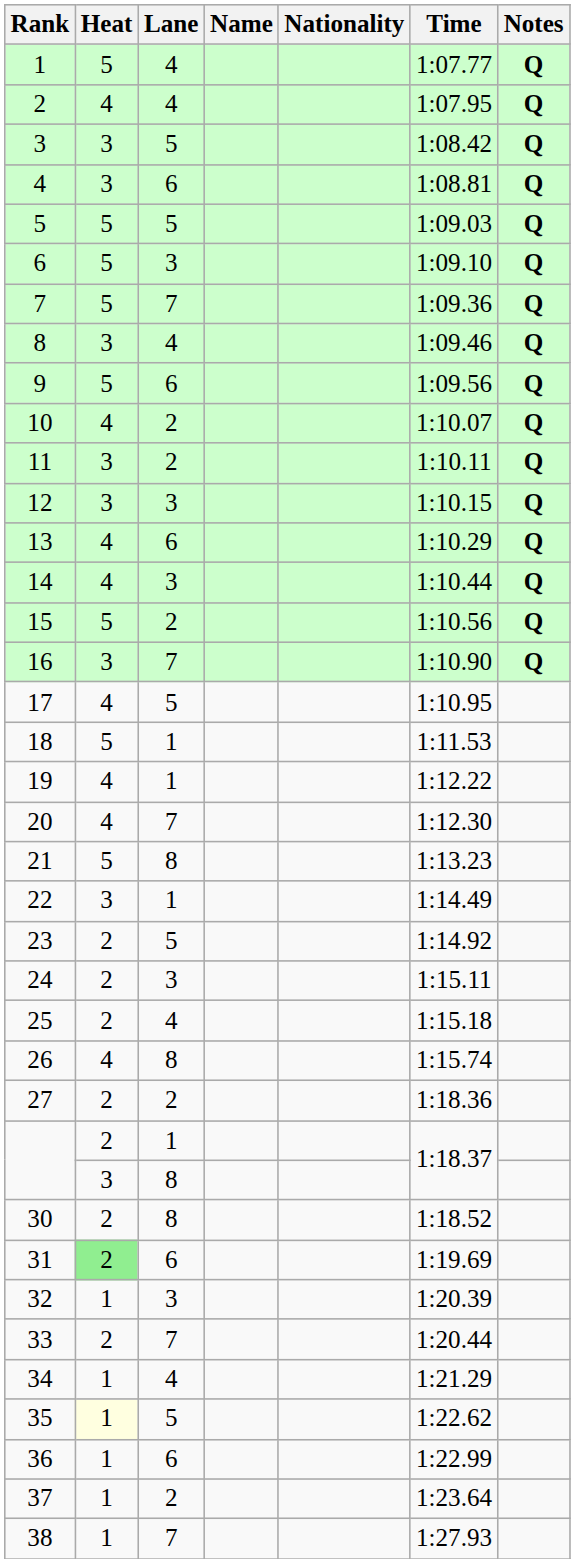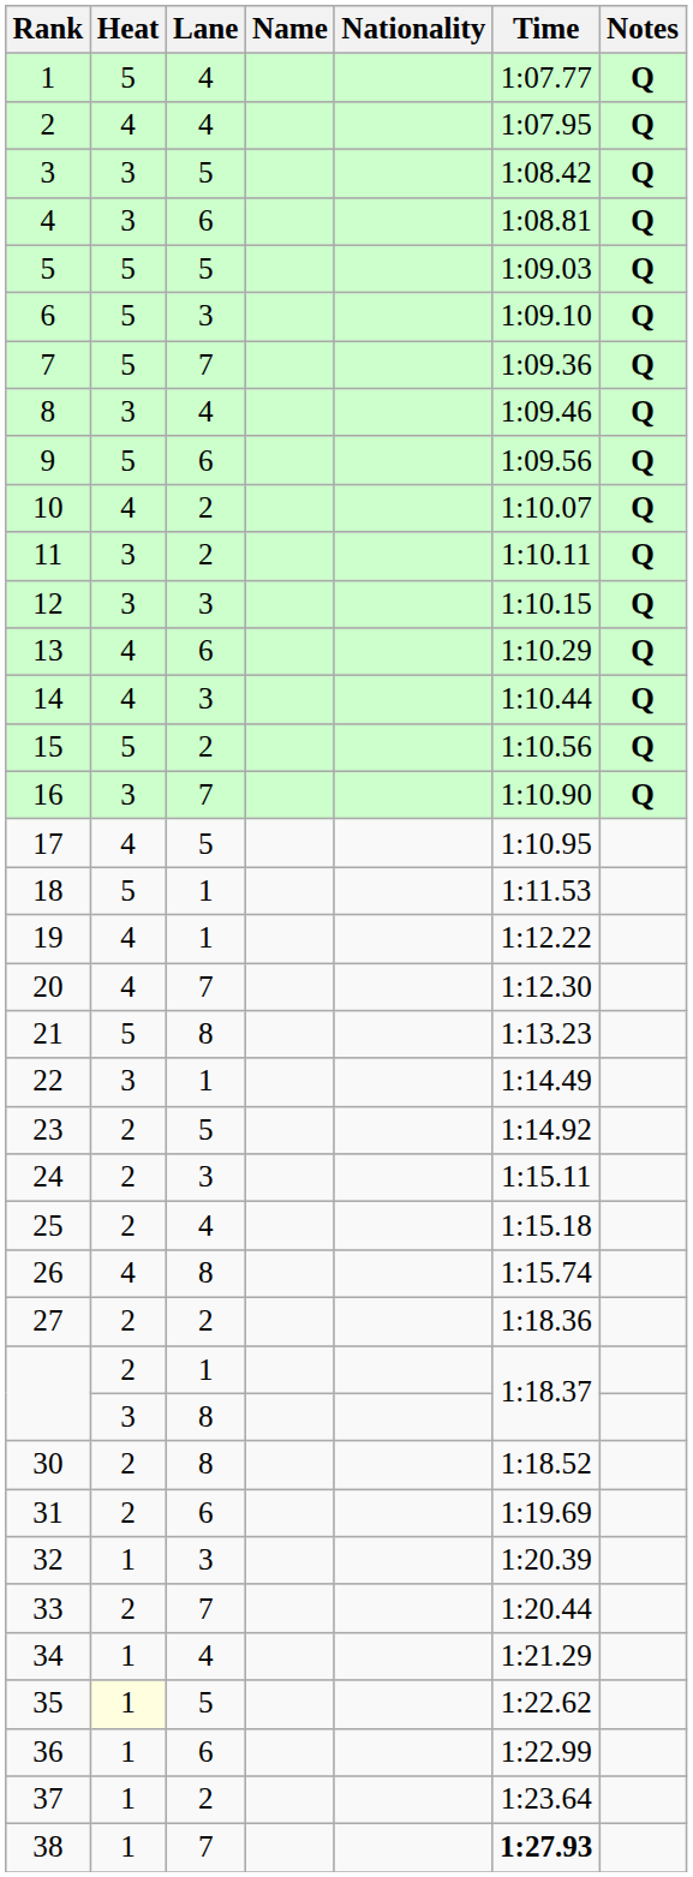 <table class="wikitable sortable" style="text-align:center">
 <tr>
 <th>Rank</th>
 <th>Heat</th>
 <th>Lane</th>
 <th>Name</th>
 <th>Nationality</th>
 <th>Time</th>
 <th>Notes</th>
 </tr>
 <tr bgcolor=ccffcc>
 <td>1</td>
 <td>5</td>
 <td>4</td>
 <td align=left></td>
 <td align=left></td>
 <td>1:07.77</td>
 <td><strong>Q</strong></td>
 </tr>
 <tr bgcolor=ccffcc>
 <td>2</td>
 <td>4</td>
 <td>4</td>
 <td align=left></td>
 <td align=left></td>
 <td>1:07.95</td>
 <td><strong>Q</strong></td>
 </tr>
 <tr bgcolor=ccffcc>
 <td>3</td>
 <td>3</td>
 <td>5</td>
 <td align=left></td>
 <td align=left></td>
 <td>1:08.42</td>
 <td><strong>Q</strong></td>
 </tr>
 <tr bgcolor=ccffcc>
 <td>4</td>
 <td>3</td>
 <td>6</td>
 <td align=left></td>
 <td align=left></td>
 <td>1:08.81</td>
 <td><strong>Q</strong></td>
 </tr>
 <tr bgcolor=ccffcc>
 <td>5</td>
 <td>5</td>
 <td>5</td>
 <td align=left></td>
 <td align=left></td>
 <td>1:09.03</td>
 <td><strong>Q</strong></td>
 </tr>
 <tr bgcolor=ccffcc>
 <td>6</td>
 <td>5</td>
 <td>3</td>
 <td align=left></td>
 <td align=left></td>
 <td>1:09.10</td>
 <td><strong>Q</strong></td>
 </tr>
 <tr bgcolor=ccffcc>
 <td>7</td>
 <td>5</td>
 <td>7</td>
 <td align=left></td>
 <td align=left></td>
 <td>1:09.36</td>
 <td><strong>Q</strong></td>
 </tr>
 <tr bgcolor=ccffcc>
 <td>8</td>
 <td>3</td>
 <td>4</td>
 <td align=left></td>
 <td align=left></td>
 <td>1:09.46</td>
 <td><strong>Q</strong></td>
 </tr>
 <tr bgcolor=ccffcc>
 <td>9</td>
 <td>5</td>
 <td>6</td>
 <td align=left></td>
 <td align=left></td>
 <td>1:09.56</td>
 <td><strong>Q</strong></td>
 </tr>
 <tr bgcolor=ccffcc>
 <td>10</td>
 <td>4</td>
 <td>2</td>
 <td align=left></td>
 <td align=left></td>
 <td>1:10.07</td>
 <td><strong>Q</strong></td>
 </tr>
 <tr bgcolor=ccffcc>
 <td>11</td>
 <td>3</td>
 <td>2</td>
 <td align=left></td>
 <td align=left></td>
 <td>1:10.11</td>
 <td><strong>Q</strong></td>
 </tr>
 <tr bgcolor=ccffcc>
 <td>12</td>
 <td>3</td>
 <td>3</td>
 <td align=left></td>
 <td align=left></td>
 <td>1:10.15</td>
 <td><strong>Q</strong></td>
 </tr>
 <tr bgcolor=ccffcc>
 <td>13</td>
 <td>4</td>
 <td>6</td>
 <td align=left></td>
 <td align=left></td>
 <td>1:10.29</td>
 <td><strong>Q</strong></td>
 </tr>
 <tr bgcolor=ccffcc>
 <td>14</td>
 <td>4</td>
 <td>3</td>
 <td align=left></td>
 <td align=left></td>
 <td>1:10.44</td>
 <td><strong>Q</strong></td>
 </tr>
 <tr bgcolor=ccffcc>
 <td>15</td>
 <td>5</td>
 <td>2</td>
 <td align=left></td>
 <td align=left></td>
 <td>1:10.56</td>
 <td><strong>Q</strong></td>
 </tr>
 <tr bgcolor=ccffcc>
 <td>16</td>
 <td>3</td>
 <td>7</td>
 <td align=left></td>
 <td align=left></td>
 <td>1:10.90</td>
 <td><strong>Q</strong></td>
 </tr>
 <tr>
 <td>17</td>
 <td>4</td>
 <td>5</td>
 <td align=left></td>
 <td align=left></td>
 <td>1:10.95</td>
 <td></td>
 </tr>
 <tr>
 <td>18</td>
 <td>5</td>
 <td>1</td>
 <td align=left></td>
 <td align=left></td>
 <td>1:11.53</td>
 <td></td>
 </tr>
 <tr>
 <td>19</td>
 <td>4</td>
 <td>1</td>
 <td align=left></td>
 <td align=left></td>
 <td>1:12.22</td>
 <td></td>
 </tr>
 <tr>
 <td>20</td>
 <td>4</td>
 <td>7</td>
 <td align=left></td>
 <td align=left></td>
 <td>1:12.30</td>
 <td></td>
 </tr>
 <tr>
 <td>21</td>
 <td>5</td>
 <td>8</td>
 <td align=left></td>
 <td align=left></td>
 <td>1:13.23</td>
 <td></td>
 </tr>
 <tr>
 <td>22</td>
 <td>3</td>
 <td>1</td>
 <td align=left></td>
 <td align=left></td>
 <td>1:14.49</td>
 <td></td>
 </tr>
 <tr>
 <td>23</td>
 <td>2</td>
 <td>5</td>
 <td align=left></td>
 <td align=left></td>
 <td>1:14.92</td>
 <td></td>
 </tr>
 <tr>
 <td>24</td>
 <td>2</td>
 <td>3</td>
 <td align=left></td>
 <td align=left></td>
 <td>1:15.11</td>
 <td></td>
 </tr>
 <tr>
 <td>25</td>
 <td>2</td>
 <td>4</td>
 <td align=left></td>
 <td align=left></td>
 <td>1:15.18</td>
 <td></td>
 </tr>
 <tr>
 <td>26</td>
 <td>4</td>
 <td>8</td>
 <td align=left></td>
 <td align=left></td>
 <td>1:15.74</td>
 <td></td>
 </tr>
 <tr>
 <td>27</td>
 <td>2</td>
 <td>2</td>
 <td align=left></td>
 <td align=left></td>
 <td>1:18.36</td>
 <td></td>
 </tr>
 <tr>
 <td rowspan=2></td>
 <td>2</td>
 <td>1</td>
 <td align=left></td>
 <td align=left></td>
 <td rowspan=2>1:18.37</td>
 <td></td>
 </tr>
 <tr>
 <td>3</td>
 <td>8</td>
 <td align=left></td>
 <td align=left></td>
 <td></td>
 </tr>
 <tr>
 <td>30</td>
 <td>2</td>
 <td>8</td>
 <td align=left></td>
 <td align=left></td>
 <td>1:18.52</td>
 <td></td>
 </tr>
 <tr>
 <td>31</td>
-<td style="background: lightgreen;">2</td>
+<td>2</td>
 <td>6</td>
 <td align=left></td>
 <td align=left></td>
 <td>1:19.69</td>
 <td></td>
 </tr>
 <tr>
 <td>32</td>
 <td>1</td>
 <td>3</td>
 <td align=left></td>
 <td align=left></td>
 <td>1:20.39</td>
 <td></td>
 </tr>
 <tr>
 <td>33</td>
 <td>2</td>
 <td>7</td>
 <td align=left></td>
 <td align=left></td>
 <td>1:20.44</td>
 <td></td>
 </tr>
 <tr>
 <td>34</td>
 <td>1</td>
 <td>4</td>
 <td align=left></td>
 <td align=left></td>
 <td>1:21.29</td>
 <td></td>
 </tr>
 <tr>
 <td>35</td>
 <td style="background: lightyellow;">1</td>
 <td>5</td>
 <td align=left></td>
 <td align=left></td>
 <td>1:22.62</td>
 <td></td>
 </tr>
 <tr>
 <td>36</td>
 <td>1</td>
 <td>6</td>
 <td align=left></td>
 <td align=left></td>
 <td>1:22.99</td>
 <td></td>
 </tr>
 <tr>
 <td>37</td>
 <td>1</td>
 <td>2</td>
 <td align=left></td>
 <td align=left></td>
 <td>1:23.64</td>
 <td></td>
 </tr>
 <tr>
 <td>38</td>
 <td>1</td>
 <td>7</td>
 <td align=left></td>
 <td align=left></td>
-<td>1:27.93</td>
+<td><strong>1:27.93</strong></td>
 <td></td>
 </tr>
 </table>
